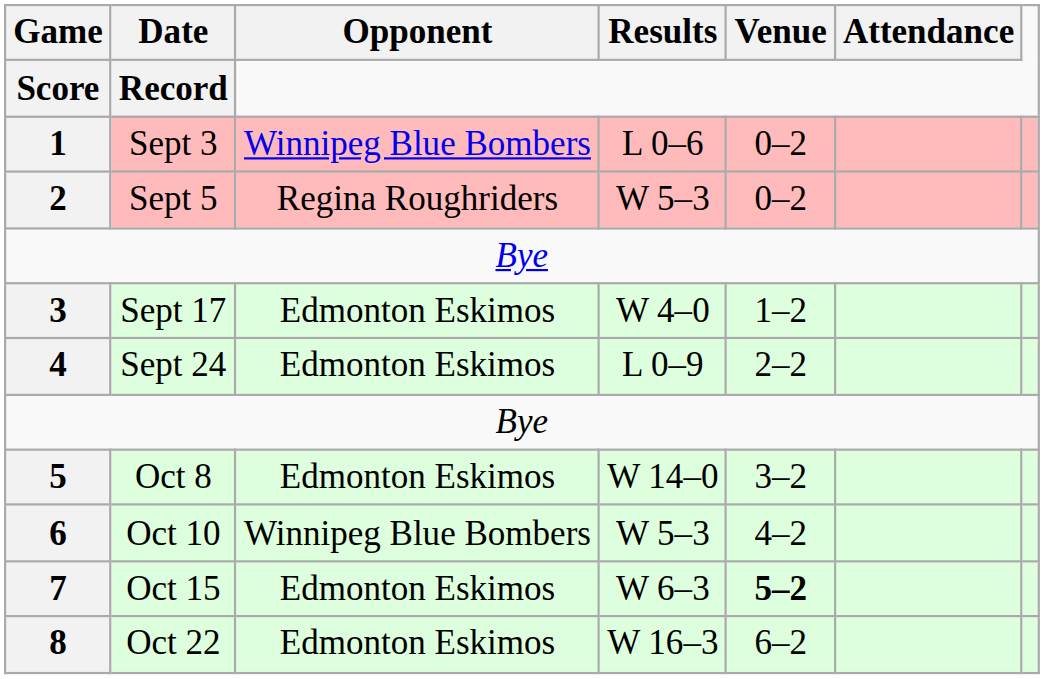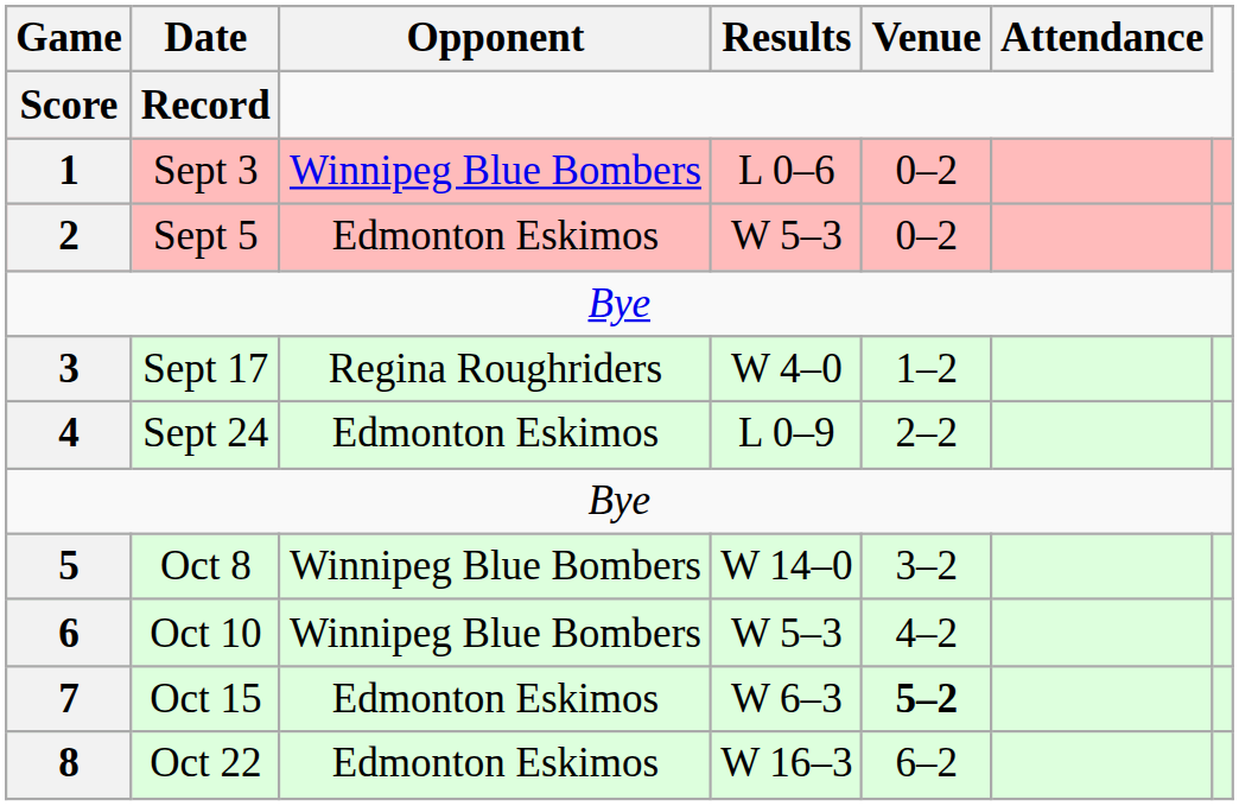 <table class="wikitable" style="text-align:center">
 <tr>
 <th>Game</th>
 <th>Date</th>
 <th>Opponent</th>
 <th>Results</th>
 <th>Venue</th>
 <th>Attendance</th>
 </tr>
 <tr>
 <th>Score</th>
 <th>Record</th>
 </tr>
 <tr style="background:#ffbbbb">
 <th>1</th>
 <td>Sept 3</td>
 <td><a href='#'>Winnipeg Blue Bombers</a></td>
 <td>L 0–6</td>
 <td>0–2</td>
 <td></td>
 <td></td>
 </tr>
 <tr style="background:#ffbbbb">
 <th>2</th>
 <td>Sept 5</td>
-<td>Regina Roughriders</td>
+<td>Edmonton Eskimos</td>
 <td>W 5–3</td>
 <td>0–2</td>
 <td></td>
 <td></td>
 </tr>
 <tr>
 <td colspan="7"><em><a href='#'>Bye</a></em></td>
 </tr>
 <tr style="background:#ddffdd">
 <th>3</th>
 <td>Sept 17</td>
-<td>Edmonton Eskimos</td>
+<td>Regina Roughriders</td>
 <td>W 4–0</td>
 <td>1–2</td>
 <td></td>
 <td></td>
 </tr>
 <tr style="background:#ddffdd">
 <th>4</th>
 <td>Sept 24</td>
 <td>Edmonton Eskimos</td>
 <td>L 0–9</td>
 <td>2–2</td>
 <td></td>
 <td></td>
 </tr>
 <tr>
 <td colspan="7"><em>Bye</em></td>
 </tr>
 <tr style="background:#ddffdd">
 <th>5</th>
 <td>Oct 8</td>
-<td>Edmonton Eskimos</td>
+<td>Winnipeg Blue Bombers</td>
 <td>W 14–0</td>
 <td>3–2</td>
 <td></td>
 <td></td>
 </tr>
 <tr style="background:#ddffdd">
 <th>6</th>
 <td>Oct 10</td>
 <td>Winnipeg Blue Bombers</td>
 <td>W 5–3</td>
 <td>4–2</td>
 <td></td>
 <td></td>
 </tr>
 <tr style="background:#ddffdd">
 <th>7</th>
 <td>Oct 15</td>
 <td>Edmonton Eskimos</td>
 <td>W 6–3</td>
 <td><strong>5–2</strong></td>
 <td></td>
 <td></td>
 </tr>
 <tr style="background:#ddffdd">
 <th>8</th>
 <td>Oct 22</td>
 <td>Edmonton Eskimos</td>
 <td>W 16–3</td>
 <td>6–2</td>
 <td></td>
 <td></td>
 </tr>
 </table>
